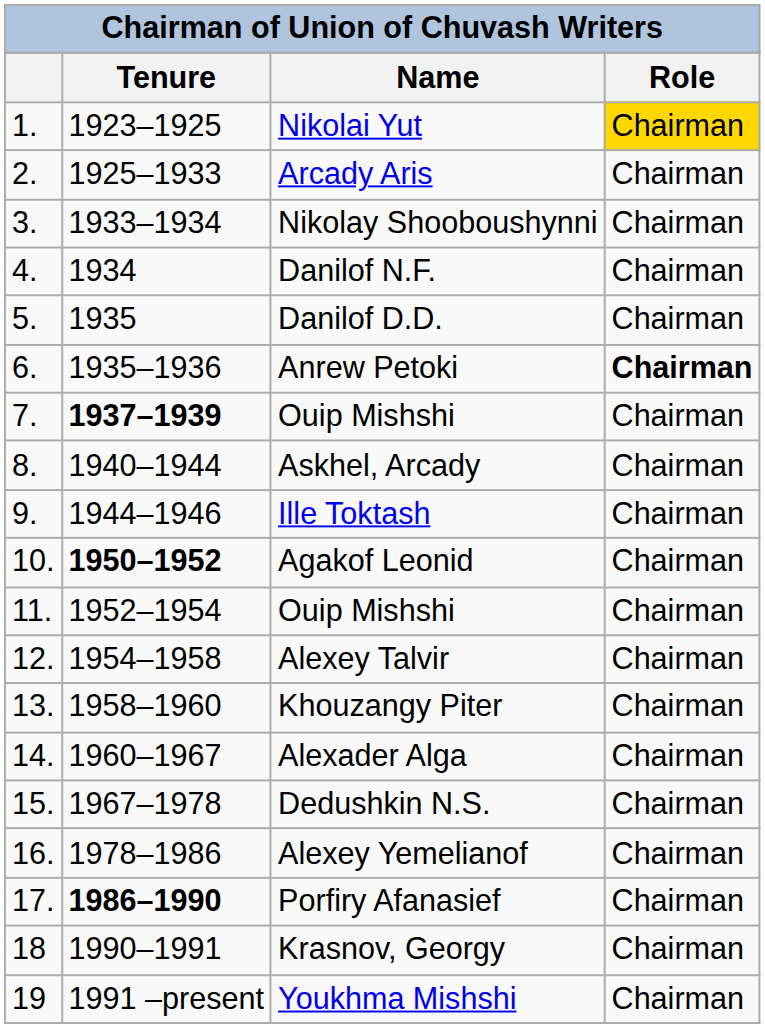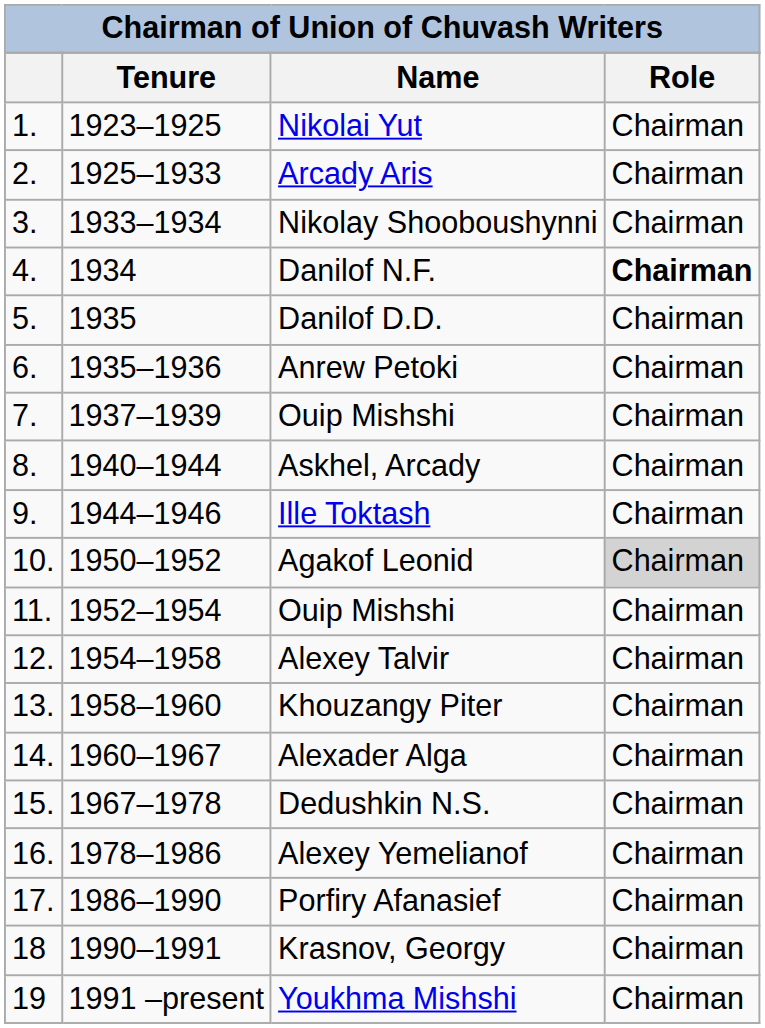 <table class="wikitable">
 <tr>
 <th colspan="6" style="background: LightSteelBlue;">Chairman of Union of Chuvash  Writers</th>
 </tr>
 <tr bgcolor="#CCCCCC" align="center">
 </tr>
 <tr>
 <th></th>
 <th>Tenure</th>
 <th>Name</th>
 <th>Role</th>
 </tr>
 <tr>
 <td>1.</td>
 <td>1923–1925</td>
 <td><a href='#'>Nikolai Yut</a></td>
-<td style="background: gold;">Chairman</td>
+<td>Chairman</td>
 </tr>
 <tr>
 <td>2.</td>
 <td>1925–1933</td>
 <td><a href='#'>Arcady Aris</a></td>
 <td>Chairman</td>
 </tr>
 <tr>
 <td>3.</td>
 <td>1933–1934</td>
 <td>Nikolay Shooboushynni</td>
 <td>Chairman</td>
 </tr>
 <tr>
 <td>4.</td>
 <td>1934</td>
 <td>Danilof N.F.</td>
-<td>Chairman</td>
+<td><strong>Chairman</strong></td>
 </tr>
 <tr>
 <td>5.</td>
 <td>1935</td>
 <td>Danilof D.D.</td>
 <td>Chairman</td>
 </tr>
 <tr>
 <td>6.</td>
 <td>1935–1936</td>
 <td>Anrew Petoki</td>
-<td><strong>Chairman</strong></td>
+<td>Chairman</td>
 </tr>
 <tr>
 <td>7.</td>
-<td><strong>1937–1939</strong></td>
+<td>1937–1939</td>
 <td>Ouip Mishshi</td>
 <td>Chairman</td>
 </tr>
 <tr>
 <td>8.</td>
 <td>1940–1944</td>
 <td>Askhel, Arcady</td>
 <td>Chairman</td>
 </tr>
 <tr>
 <td>9.</td>
 <td>1944–1946</td>
 <td><a href='#'>Ille Toktash</a></td>
 <td>Chairman</td>
 </tr>
 <tr>
 <td>10.</td>
-<td><strong>1950–1952</strong></td>
+<td>1950–1952</td>
 <td>Agakof Leonid</td>
-<td>Chairman</td>
+<td style="background: lightgrey;">Chairman</td>
 </tr>
 <tr>
 <td>11.</td>
 <td>1952–1954</td>
 <td>Ouip Mishshi</td>
 <td>Chairman</td>
 </tr>
 <tr>
 <td>12.</td>
 <td>1954–1958</td>
 <td>Alexey Talvir</td>
 <td>Chairman</td>
 </tr>
 <tr>
 <td>13.</td>
 <td>1958–1960</td>
 <td>Khouzangy Piter</td>
 <td>Chairman</td>
 </tr>
 <tr>
 <td>14.</td>
 <td>1960–1967</td>
 <td>Alexader Alga</td>
 <td>Chairman</td>
 </tr>
 <tr>
 <td>15.</td>
 <td>1967–1978</td>
 <td>Dedushkin N.S.</td>
 <td>Chairman</td>
 </tr>
 <tr>
 <td>16.</td>
 <td>1978–1986</td>
 <td>Alexey Yemelianof</td>
 <td>Chairman</td>
 </tr>
 <tr>
 <td>17.</td>
-<td><strong>1986–1990</strong></td>
+<td>1986–1990</td>
 <td>Porfiry Afanasief</td>
 <td>Chairman</td>
 </tr>
 <tr>
 <td>18</td>
 <td>1990–1991</td>
 <td>Krasnov, Georgy</td>
 <td>Chairman</td>
 </tr>
 <tr>
 <td>19</td>
 <td>1991 –present</td>
 <td><a href='#'>Youkhma Mishshi</a></td>
 <td>Chairman</td>
 </tr>
 </table>
